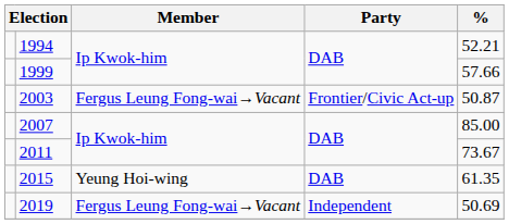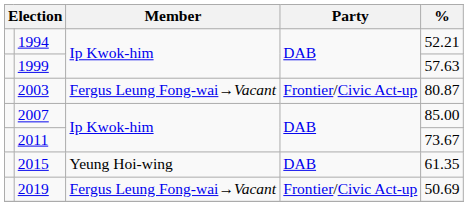 <table class="wikitable">
 <tr>
 <th colspan="2">Election</th>
 <th>Member</th>
 <th>Party</th>
 <th>%</th>
 </tr>
 <tr>
 <td style="background-color: "></td>
 <td><a href='#'>1994</a></td>
 <td rowspan=2><a href='#'>Ip Kwok-him</a></td>
 <td rowspan=2><a href='#'>DAB</a></td>
 <td>52.21</td>
 </tr>
 <tr>
 <td style="background-color: "></td>
 <td><a href='#'>1999</a></td>
-<td>57.66</td>
+<td>57.63</td>
 </tr>
 <tr>
 <td style="background-color: "></td>
 <td><a href='#'>2003</a></td>
 <td><a href='#'>Fergus Leung Fong-wai</a>→<em>Vacant</em></td>
 <td><a href='#'>Frontier</a>/<a href='#'>Civic Act-up</a></td>
-<td>50.87</td>
+<td>80.87</td>
 </tr>
 <tr>
 <td style="background-color: "></td>
 <td><a href='#'>2007</a></td>
 <td rowspan=2><a href='#'>Ip Kwok-him</a></td>
 <td rowspan=2><a href='#'>DAB</a></td>
 <td>85.00</td>
 </tr>
 <tr>
 <td style="background-color: "></td>
 <td><a href='#'>2011</a></td>
 <td>73.67</td>
 </tr>
 <tr>
 <td style="background-color: "></td>
 <td><a href='#'>2015</a></td>
 <td>Yeung Hoi-wing</td>
 <td><a href='#'>DAB</a></td>
 <td>61.35</td>
 </tr>
 <tr>
 <td style="background-color: "></td>
 <td><a href='#'>2019</a></td>
 <td><a href='#'>Fergus Leung Fong-wai</a>→<em>Vacant</em></td>
-<td><a href='#'>Independent</a></td>
+<td><a href='#'>Frontier</a>/<a href='#'>Civic Act-up</a></td>
 <td>50.69</td>
 </tr>
 <tr>
 </tr>
 </table>
